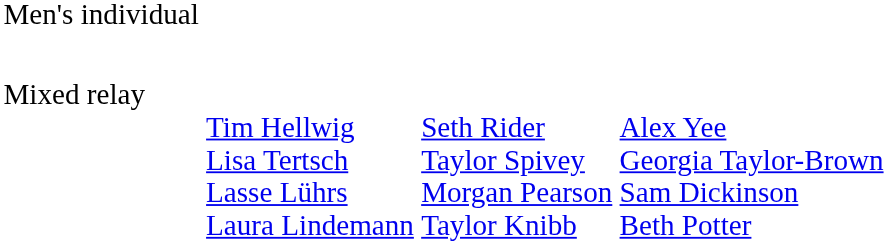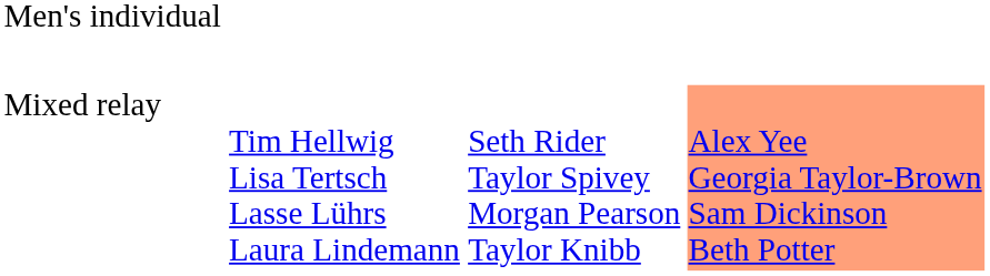 <table>
 <tr>
 <td>Men's individual<br></td>
 <td></td>
 <td></td>
 <td></td>
 </tr>
 <tr>
 <td><br></td>
 <td></td>
 <td></td>
 <td></td>
 </tr>
 <tr valign="top">
 <td>Mixed relay<br></td>
 <td><br><a href='#'>Tim Hellwig</a><br><a href='#'>Lisa Tertsch</a><br><a href='#'>Lasse Lührs</a><br><a href='#'>Laura Lindemann</a></td>
 <td><br><a href='#'>Seth Rider</a><br><a href='#'>Taylor Spivey</a><br><a href='#'>Morgan Pearson</a><br><a href='#'>Taylor Knibb</a></td>
-<td><br><a href='#'>Alex Yee</a><br><a href='#'>Georgia Taylor-Brown</a><br><a href='#'>Sam Dickinson</a><br><a href='#'>Beth Potter</a></td>
+<td style="background: lightsalmon;"><br><a href='#'>Alex Yee</a><br><a href='#'>Georgia Taylor-Brown</a><br><a href='#'>Sam Dickinson</a><br><a href='#'>Beth Potter</a></td>
 </tr>
 </table>
